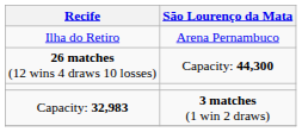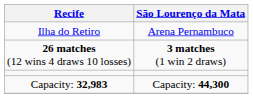 <table class="wikitable" style="text-align:center">
 <tr>
 <th><a href='#'>Recife</a></th>
 <th><a href='#'>São Lourenço da Mata</a></th>
 </tr>
 <tr>
 <td><a href='#'>Ilha do Retiro</a></td>
 <td><a href='#'>Arena Pernambuco</a></td>
 </tr>
 <tr>
 <td><strong>26 matches</strong><br>(12 wins 4 draws 10 losses)</td>
-<td>Capacity: <strong>44,300</strong></td>
+<td><strong>3 matches</strong><br>(1 win 2 draws)</td>
 </tr>
 <tr>
 <td></td>
 <td></td>
 </tr>
 <tr>
 <td>Capacity: <strong>32,983</strong></td>
-<td><strong>3 matches</strong><br>(1 win 2 draws)</td>
+<td>Capacity: <strong>44,300</strong></td>
 </tr>
 <tr>
 </tr>
 </table>
